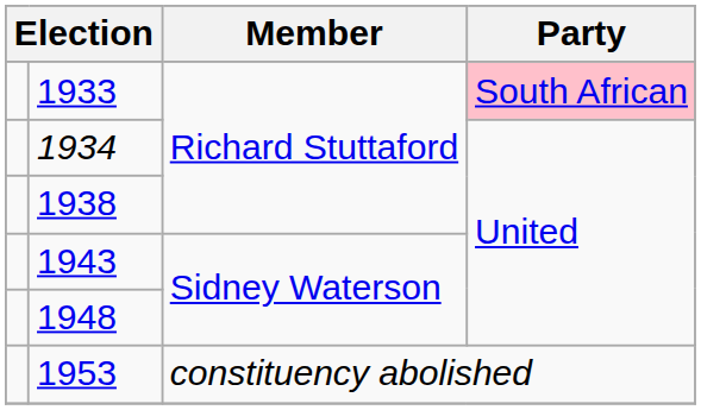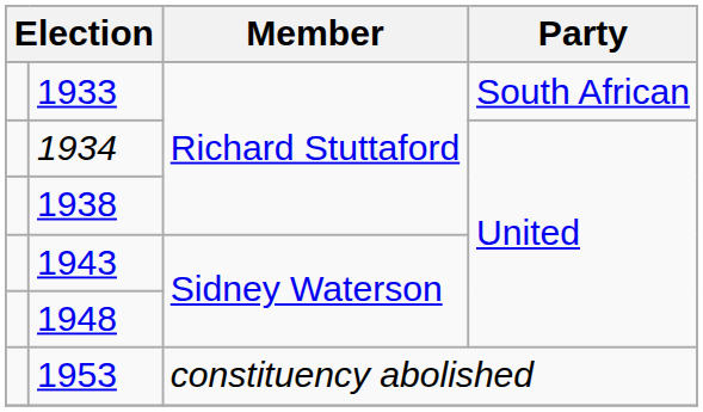 <table class="wikitable">
 <tr>
 <th colspan="2">Election</th>
 <th>Member</th>
 <th>Party</th>
 </tr>
 <tr>
 <td style="background-color: "></td>
 <td><a href='#'>1933</a></td>
 <td rowspan="3"><a href='#'>Richard Stuttaford</a></td>
-<td style="background: pink;"><a href='#'>South African</a></td>
+<td><a href='#'>South African</a></td>
 </tr>
 <tr>
 <td style="background-color: "></td>
 <td><em>1934</em></td>
 <td rowspan="4"><a href='#'>United</a></td>
 </tr>
 <tr>
 <td style="background-color: "></td>
 <td><a href='#'>1938</a></td>
 </tr>
 <tr>
 <td style="background-color: "></td>
 <td><a href='#'>1943</a></td>
 <td rowspan="2"><a href='#'>Sidney Waterson</a></td>
 </tr>
 <tr>
 <td style="background-color: "></td>
 <td><a href='#'>1948</a></td>
 </tr>
 <tr>
 <td style="background-color: "></td>
 <td><a href='#'>1953</a></td>
 <td colspan="2"><em>constituency abolished</em></td>
 </tr>
 <tr>
 </tr>
 </table>
